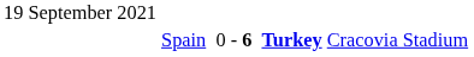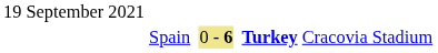 <table>
 <tr>
 <td>19 September 2021</td>
 </tr>
 <tr>
 <td></td>
 <td align=right><a href='#'>Spain</a></td>
 <td></td>
-<td>0 - <strong>6</strong></td>
+<td style="background: khaki;">0 - <strong>6</strong></td>
 <td></td>
 <td><strong><a href='#'>Turkey</a></strong></td>
 <td><a href='#'>Cracovia Stadium</a></td>
 </tr>
 </table>
